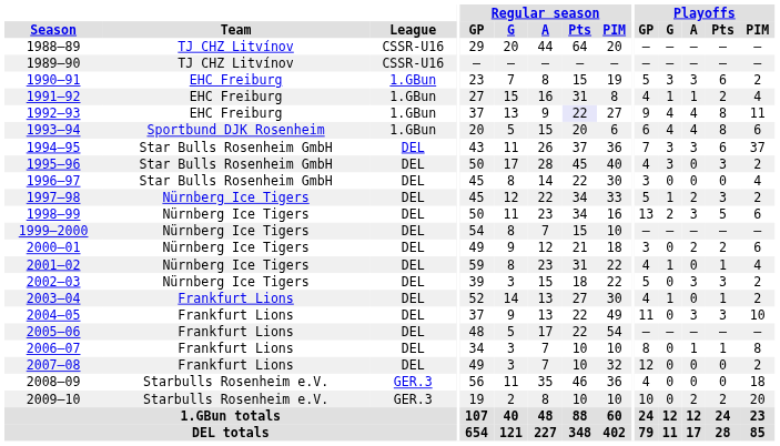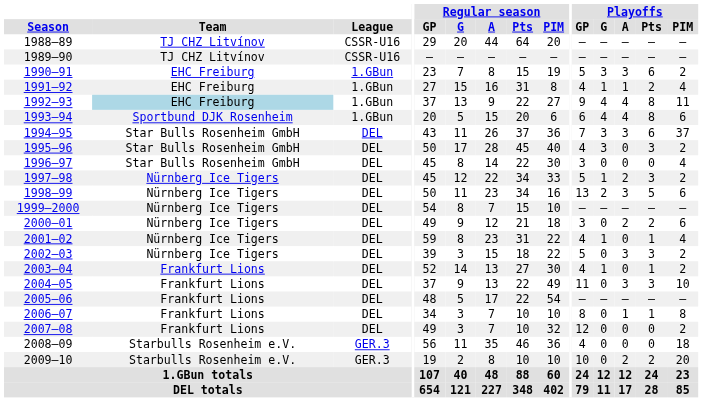 <table border="0" cellpadding="1" cellspacing="0" style="text-align:center; width:60em">
 <tr bgcolor="#e0e0e0">
 <th colspan="3" bgcolor="#ffffff"></th>
 <th rowspan="100" bgcolor="#ffffff"></th>
 <th colspan="5"><a href='#'>Regular season</a></th>
 <th rowspan="100" bgcolor="#ffffff"></th>
 <th colspan="5"><a href='#'>Playoffs</a></th>
 </tr>
 <tr bgcolor="#e0e0e0">
 <th><a href='#'>Season</a></th>
 <th>Team</th>
 <th>League</th>
 <th>GP</th>
 <th><a href='#'>G</a></th>
 <th><a href='#'>A</a></th>
 <th><a href='#'>Pts</a></th>
 <th><a href='#'>PIM</a></th>
 <th>GP</th>
 <th>G</th>
 <th>A</th>
 <th>Pts</th>
 <th>PIM</th>
 </tr>
 <tr>
 <td>1988–89</td>
 <td><a href='#'>TJ CHZ Litvínov</a></td>
 <td>CSSR-U16</td>
 <td>29</td>
 <td>20</td>
 <td>44</td>
 <td>64</td>
 <td>20</td>
 <td>—</td>
 <td>—</td>
 <td>—</td>
 <td>—</td>
 <td>—</td>
 </tr>
 <tr bgcolor="#f0f0f0">
 <td>1989–90</td>
 <td>TJ CHZ Litvínov</td>
 <td>CSSR-U16</td>
 <td>—</td>
 <td>—</td>
 <td>—</td>
 <td>—</td>
 <td>—</td>
 <td>—</td>
 <td>—</td>
 <td>—</td>
 <td>—</td>
 <td>—</td>
 </tr>
 <tr>
 <td><a href='#'>1990–91</a></td>
 <td><a href='#'>EHC Freiburg</a></td>
 <td><a href='#'>1.GBun</a></td>
 <td>23</td>
 <td>7</td>
 <td>8</td>
 <td>15</td>
 <td>19</td>
 <td>5</td>
 <td>3</td>
 <td>3</td>
 <td>6</td>
 <td>2</td>
 </tr>
 <tr bgcolor="#f0f0f0">
 <td><a href='#'>1991–92</a></td>
 <td>EHC Freiburg</td>
 <td>1.GBun</td>
 <td>27</td>
 <td>15</td>
 <td>16</td>
 <td>31</td>
 <td>8</td>
 <td>4</td>
 <td>1</td>
 <td>1</td>
 <td>2</td>
 <td>4</td>
 </tr>
 <tr>
 <td><a href='#'>1992–93</a></td>
-<td>EHC Freiburg</td>
+<td style="background: lightblue;">EHC Freiburg</td>
 <td>1.GBun</td>
 <td>37</td>
 <td>13</td>
 <td>9</td>
-<td style="background: lavender;">22</td>
+<td>22</td>
 <td>27</td>
 <td>9</td>
 <td>4</td>
 <td>4</td>
 <td>8</td>
 <td>11</td>
 </tr>
 <tr bgcolor="#f0f0f0">
 <td><a href='#'>1993–94</a></td>
 <td><a href='#'>Sportbund DJK Rosenheim</a></td>
 <td>1.GBun</td>
 <td>20</td>
 <td>5</td>
 <td>15</td>
 <td>20</td>
 <td>6</td>
 <td>6</td>
 <td>4</td>
 <td>4</td>
 <td>8</td>
 <td>6</td>
 </tr>
 <tr>
 <td><a href='#'>1994–95</a></td>
 <td>Star Bulls Rosenheim GmbH</td>
 <td><a href='#'>DEL</a></td>
 <td>43</td>
 <td>11</td>
 <td>26</td>
 <td>37</td>
 <td>36</td>
 <td>7</td>
 <td>3</td>
 <td>3</td>
 <td>6</td>
 <td>37</td>
 </tr>
 <tr bgcolor="#f0f0f0">
 <td><a href='#'>1995–96</a></td>
 <td>Star Bulls Rosenheim GmbH</td>
 <td>DEL</td>
 <td>50</td>
 <td>17</td>
 <td>28</td>
 <td>45</td>
 <td>40</td>
 <td>4</td>
 <td>3</td>
 <td>0</td>
 <td>3</td>
 <td>2</td>
 </tr>
 <tr>
 <td><a href='#'>1996–97</a></td>
 <td>Star Bulls Rosenheim GmbH</td>
 <td>DEL</td>
 <td>45</td>
 <td>8</td>
 <td>14</td>
 <td>22</td>
 <td>30</td>
 <td>3</td>
 <td>0</td>
 <td>0</td>
 <td>0</td>
 <td>4</td>
 </tr>
 <tr bgcolor="#f0f0f0">
 <td><a href='#'>1997–98</a></td>
 <td><a href='#'>Nürnberg Ice Tigers</a></td>
 <td>DEL</td>
 <td>45</td>
 <td>12</td>
 <td>22</td>
 <td>34</td>
 <td>33</td>
 <td>5</td>
 <td>1</td>
 <td>2</td>
 <td>3</td>
 <td>2</td>
 </tr>
 <tr>
 <td><a href='#'>1998–99</a></td>
 <td>Nürnberg Ice Tigers</td>
 <td>DEL</td>
 <td>50</td>
 <td>11</td>
 <td>23</td>
 <td>34</td>
 <td>16</td>
 <td>13</td>
 <td>2</td>
 <td>3</td>
 <td>5</td>
 <td>6</td>
 </tr>
 <tr bgcolor="#f0f0f0">
 <td><a href='#'>1999–2000</a></td>
 <td>Nürnberg Ice Tigers</td>
 <td>DEL</td>
 <td>54</td>
 <td>8</td>
 <td>7</td>
 <td>15</td>
 <td>10</td>
 <td>—</td>
 <td>—</td>
 <td>—</td>
 <td>—</td>
 <td>—</td>
 </tr>
 <tr>
 <td><a href='#'>2000–01</a></td>
 <td>Nürnberg Ice Tigers</td>
 <td>DEL</td>
 <td>49</td>
 <td>9</td>
 <td>12</td>
 <td>21</td>
 <td>18</td>
 <td>3</td>
 <td>0</td>
 <td>2</td>
 <td>2</td>
 <td>6</td>
 </tr>
 <tr bgcolor="#f0f0f0">
 <td><a href='#'>2001–02</a></td>
 <td>Nürnberg Ice Tigers</td>
 <td>DEL</td>
 <td>59</td>
 <td>8</td>
 <td>23</td>
 <td>31</td>
 <td>22</td>
 <td>4</td>
 <td>1</td>
 <td>0</td>
 <td>1</td>
 <td>4</td>
 </tr>
 <tr>
 <td><a href='#'>2002–03</a></td>
 <td>Nürnberg Ice Tigers</td>
 <td>DEL</td>
 <td>39</td>
 <td>3</td>
 <td>15</td>
 <td>18</td>
 <td>22</td>
 <td>5</td>
 <td>0</td>
 <td>3</td>
 <td>3</td>
 <td>2</td>
 </tr>
 <tr bgcolor="#f0f0f0">
 <td><a href='#'>2003–04</a></td>
 <td><a href='#'>Frankfurt Lions</a></td>
 <td>DEL</td>
 <td>52</td>
 <td>14</td>
 <td>13</td>
 <td>27</td>
 <td>30</td>
 <td>4</td>
 <td>1</td>
 <td>0</td>
 <td>1</td>
 <td>2</td>
 </tr>
 <tr>
 <td><a href='#'>2004–05</a></td>
 <td>Frankfurt Lions</td>
 <td>DEL</td>
 <td>37</td>
 <td>9</td>
 <td>13</td>
 <td>22</td>
 <td>49</td>
 <td>11</td>
 <td>0</td>
 <td>3</td>
 <td>3</td>
 <td>10</td>
 </tr>
 <tr bgcolor="#f0f0f0">
 <td><a href='#'>2005–06</a></td>
 <td>Frankfurt Lions</td>
 <td>DEL</td>
 <td>48</td>
 <td>5</td>
 <td>17</td>
 <td>22</td>
 <td>54</td>
 <td>—</td>
 <td>—</td>
 <td>—</td>
 <td>—</td>
 <td>—</td>
 </tr>
 <tr>
 <td><a href='#'>2006–07</a></td>
 <td>Frankfurt Lions</td>
 <td>DEL</td>
 <td>34</td>
 <td>3</td>
 <td>7</td>
 <td>10</td>
 <td>10</td>
 <td>8</td>
 <td>0</td>
 <td>1</td>
 <td>1</td>
 <td>8</td>
 </tr>
 <tr bgcolor="#f0f0f0">
 <td><a href='#'>2007–08</a></td>
 <td>Frankfurt Lions</td>
 <td>DEL</td>
 <td>49</td>
 <td>3</td>
 <td>7</td>
 <td>10</td>
 <td>32</td>
 <td>12</td>
 <td>0</td>
 <td>0</td>
 <td>0</td>
 <td>2</td>
 </tr>
 <tr>
 <td>2008–09</td>
 <td>Starbulls Rosenheim e.V.</td>
 <td><a href='#'>GER.3</a></td>
 <td>56</td>
 <td>11</td>
 <td>35</td>
 <td>46</td>
 <td>36</td>
 <td>4</td>
 <td>0</td>
 <td>0</td>
 <td>0</td>
 <td>18</td>
 </tr>
 <tr bgcolor="#f0f0f0">
 <td>2009–10</td>
 <td>Starbulls Rosenheim e.V.</td>
 <td>GER.3</td>
 <td>19</td>
 <td>2</td>
 <td>8</td>
 <td>10</td>
 <td>10</td>
 <td>10</td>
 <td>0</td>
 <td>2</td>
 <td>2</td>
 <td>20</td>
 </tr>
 <tr bgcolor="#e0e0e0">
 <th colspan="3">1.GBun totals</th>
 <th>107</th>
 <th>40</th>
 <th>48</th>
 <th>88</th>
 <th>60</th>
 <th>24</th>
 <th>12</th>
 <th>12</th>
 <th>24</th>
 <th>23</th>
 </tr>
 <tr bgcolor="#e0e0e0">
 <th colspan="3">DEL totals</th>
 <th>654</th>
 <th>121</th>
 <th>227</th>
 <th>348</th>
 <th>402</th>
 <th>79</th>
 <th>11</th>
 <th>17</th>
 <th>28</th>
 <th>85</th>
 </tr>
 </table>
